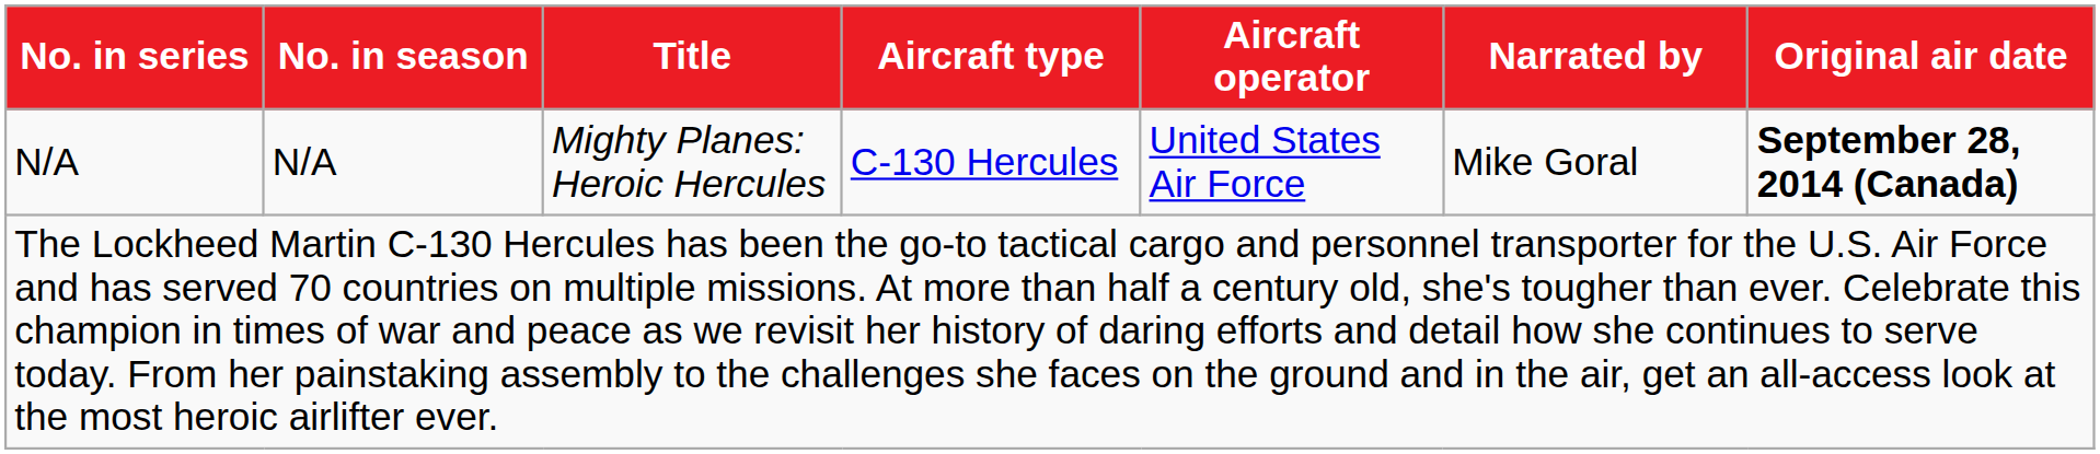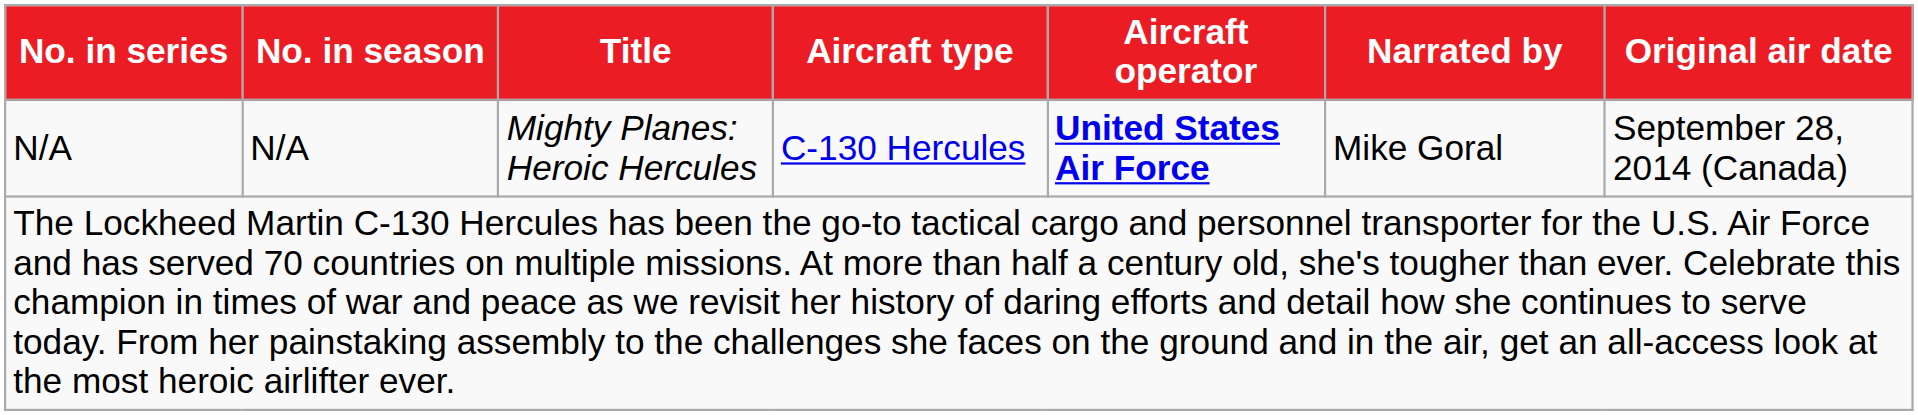 <table class="wikitable sortable mw-collapsible">
 <tr>
 <th scope="col" style="background-color: #ec1c24; color: #ffffff;" width="5%">No. in series</th>
 <th scope="col" style="background-color: #ec1c24; color: #ffffff;" width="5%">No. in season</th>
 <th scope="col" style="background-color: #ec1c24; color: #ffffff;" width="5%">Title</th>
 <th scope="col" style="background-color: #ec1c24; color: #ffffff;" width="5%">Aircraft type</th>
 <th scope="col" style="background-color: #ec1c24; color: #ffffff;" width="5%">Aircraft operator</th>
 <th scope="col" style="background-color: #ec1c24; color: #ffffff;" width="5%">Narrated by</th>
 <th scope="col" style="background-color: #ec1c24; color: #ffffff;" width="5%">Original air date</th>
 </tr>
 <tr>
 <td>N/A</td>
 <td>N/A</td>
 <td><em>Mighty Planes: Heroic Hercules</em></td>
 <td><a href='#'>C-130 Hercules</a></td>
-<td><a href='#'>United States Air Force</a></td>
+<td><strong><a href='#'>United States Air Force</a></strong></td>
 <td>Mike Goral</td>
-<td><strong>September 28, 2014 (Canada)</strong></td>
+<td>September 28, 2014 (Canada)</td>
 </tr>
 <tr>
 <td colspan="7">The Lockheed Martin C-130 Hercules has been the go-to tactical cargo and personnel transporter for the U.S. Air Force and has served 70 countries on multiple missions. At more than half a century old, she's tougher than ever. Celebrate this champion in times of war and peace as we revisit her history of daring efforts and detail how she continues to serve today. From her painstaking assembly to the challenges she faces on the ground and in the air, get an all-access look at the most heroic airlifter ever.</td>
 </tr>
 </table>
